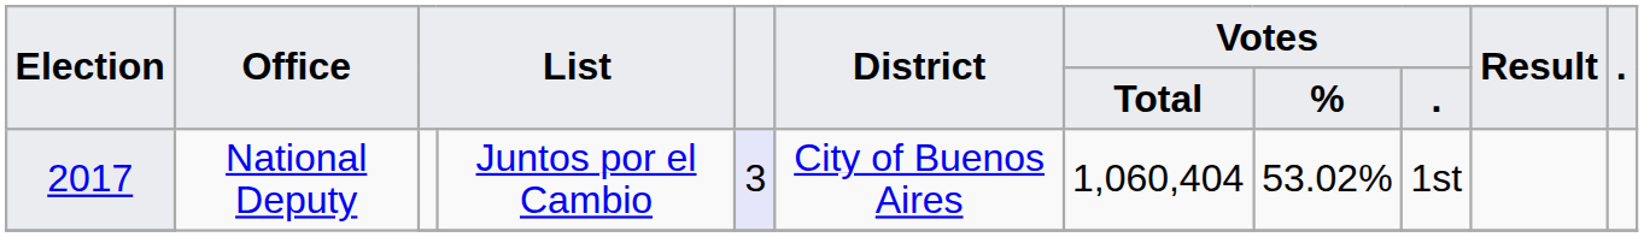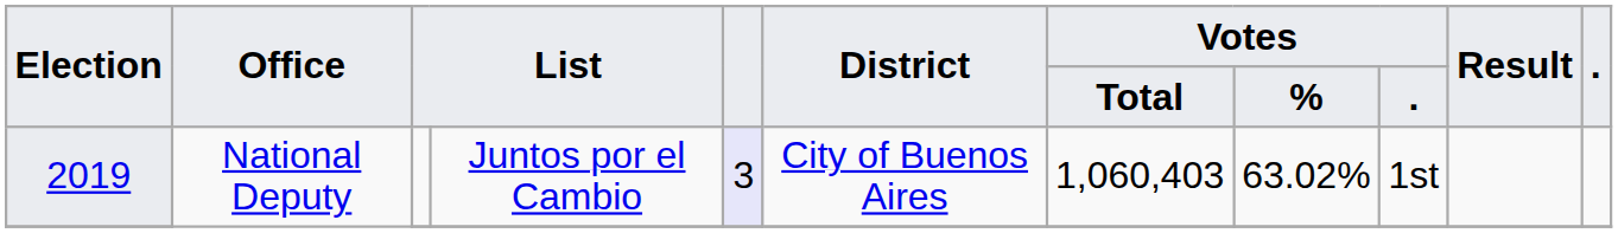 <table class="wikitable" style="font-size:90%; text-align:center;">
 <tr>
 <th style="background-color:#EAECF0;" rowspan=2>Election</th>
 <th style="background-color:#EAECF0;" rowspan=2>Office</th>
 <th style="background-color:#EAECF0;" colspan=2 rowspan=2>List</th>
 <th style="background-color:#EAECF0;" rowspan=2></th>
 <th style="background-color:#EAECF0;" rowspan=2>District</th>
 <th style="background-color:#EAECF0;" colspan=3>Votes</th>
 <th style="background-color:#EAECF0;" rowspan=2>Result</th>
 <th style="background-color:#EAECF0;" rowspan=2>.</th>
 </tr>
 <tr>
 <th style="background-color:#EAECF0;">Total</th>
 <th style="background-color:#EAECF0;">%</th>
 <th style="background-color:#EAECF0;">.</th>
 </tr>
 <tr>
-<td style="background-color:#EAECF0;"><a href='#'>2017</a></td>
+<td style="background-color:#EAECF0;"><a href='#'>2019</a></td>
 <td rowspan="2"><a href='#'>National Deputy</a></td>
 <td style="background-color:"></td>
 <td><a href='#'>Juntos por el Cambio</a></td>
 <td style="background: lavender;">3</td>
 <td><a href='#'>City of Buenos Aires</a></td>
-<td>1,060,404</td>
-<td>53.02%</td>
+<td>1,060,403</td>
+<td>63.02%</td>
 <td>1st</td>
 <td></td>
 <td></td>
 </tr>
 <tr>
 </tr>
 </table>
